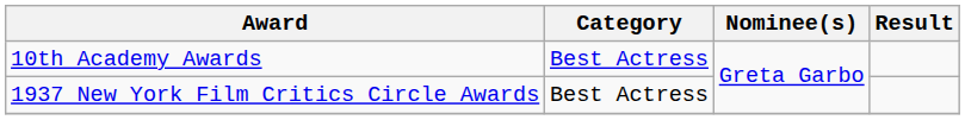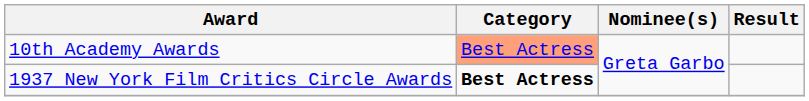 <table class="wikitable plainrowheaders">
 <tr>
 <th>Award</th>
 <th>Category</th>
 <th>Nominee(s)</th>
 <th>Result</th>
 </tr>
 <tr>
 <td><a href='#'>10th Academy Awards</a></td>
-<td><a href='#'>Best Actress</a></td>
+<td style="background: lightsalmon;"><a href='#'>Best Actress</a></td>
 <td rowspan="2"><a href='#'>Greta Garbo</a></td>
 <td></td>
 </tr>
 <tr>
 <td><a href='#'>1937 New York Film Critics Circle Awards</a></td>
-<td>Best Actress</td>
+<td><strong>Best Actress</strong></td>
 <td></td>
 </tr>
 <tr>
 </tr>
 </table>
